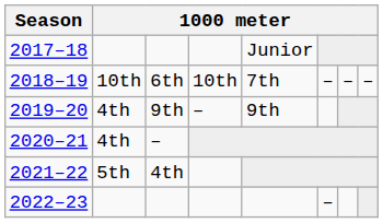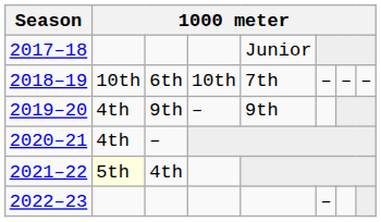 <table class="wikitable" style="display: inline-table">
 <tr>
 <th>Season</th>
 <th colspan="7">1000 meter</th>
 </tr>
 <tr>
 <td><a href='#'>2017–18</a></td>
 <td></td>
 <td></td>
 <td></td>
 <td>Junior</td>
 <td colspan="3" bgcolor=#EEEEEE></td>
 </tr>
 <tr>
 <td><a href='#'>2018–19</a></td>
 <td>10th</td>
 <td>6th</td>
 <td>10th</td>
 <td>7th</td>
 <td>–</td>
 <td>–</td>
 <td>–</td>
 </tr>
 <tr>
 <td><a href='#'>2019–20</a></td>
 <td>4th</td>
 <td>9th</td>
 <td>–</td>
 <td>9th</td>
 <td></td>
 <td colspan="2" bgcolor=#EEEEEE></td>
 </tr>
 <tr>
 <td><a href='#'>2020–21</a></td>
 <td>4th</td>
 <td>–</td>
 <td colspan="5" bgcolor=#EEEEEE></td>
 </tr>
 <tr>
 <td><a href='#'>2021–22</a></td>
-<td>5th</td>
+<td style="background: lightyellow;">5th</td>
 <td>4th</td>
 <td></td>
 <td colspan="4" bgcolor=#EEEEEE></td>
 </tr>
 <tr>
 <td><a href='#'>2022–23</a></td>
 <td></td>
 <td></td>
 <td></td>
 <td></td>
 <td>–</td>
 <td></td>
 <td colspan="2" bgcolor=#EEEEEE></td>
 </tr>
 </table>
